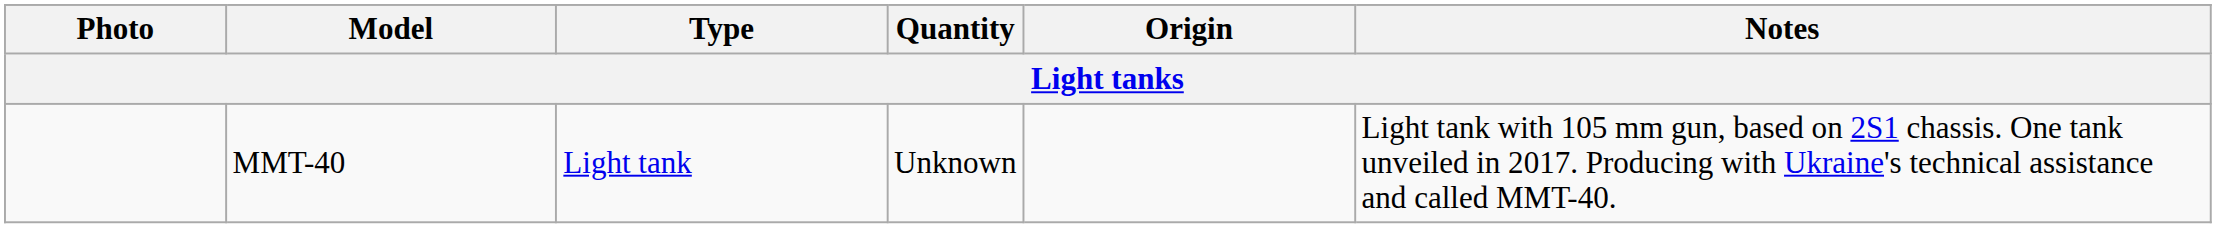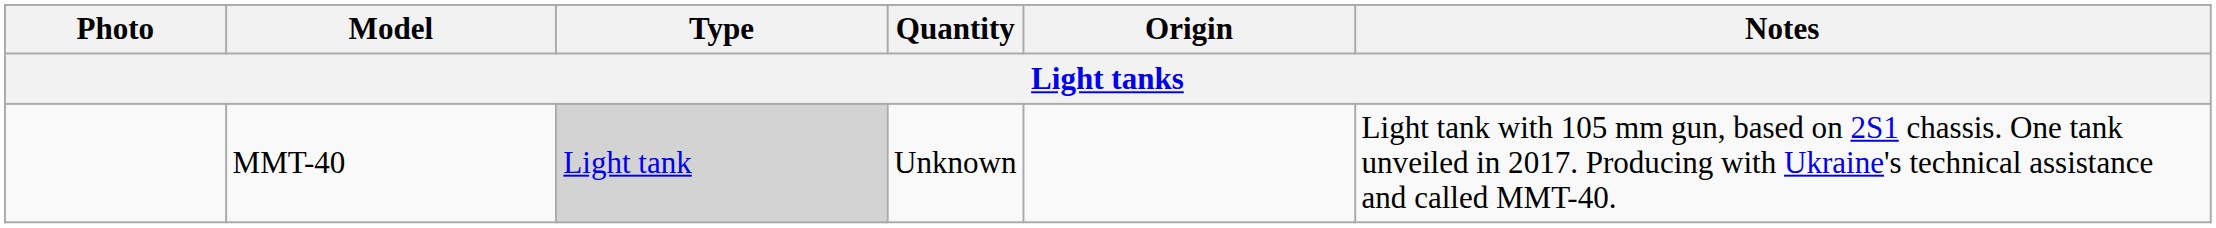 <table class="wikitable" style="width:90%;">
 <tr>
 <th width="10%">Photo</th>
 <th width="15%">Model</th>
 <th width="15%">Type</th>
 <th width="5%">Quantity</th>
 <th width="15%">Origin</th>
 <th>Notes</th>
 </tr>
 <tr>
 <th colspan="6"><a href='#'>Light tanks</a></th>
 </tr>
 <tr>
 <td></td>
 <td>MMT-40</td>
-<td><a href='#'>Light tank</a></td>
+<td style="background: lightgrey;"><a href='#'>Light tank</a></td>
 <td>Unknown</td>
 <td> </td>
 <td>Light tank with 105 mm gun, based on <a href='#'>2S1</a> chassis. One tank unveiled in 2017.  Producing with <a href='#'>Ukraine</a>'s technical assistance and called MMT-40.</td>
 </tr>
 </table>
